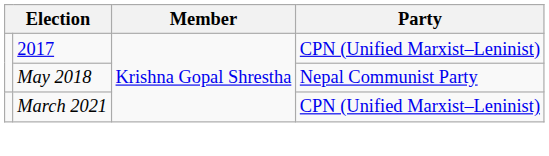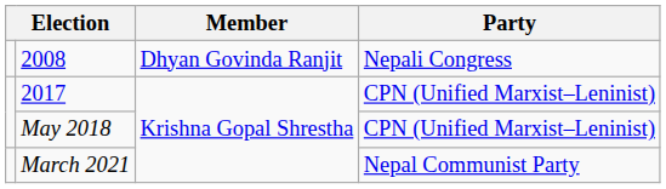 <table class="wikitable">
 <tr>
 <th colspan="2">Election</th>
 <th>Member</th>
 <th>Party</th>
+</tr>
+<tr>
+<td style="background-color:"></td>
+<td><a href='#'>2008</a></td>
+<td><a href='#'>Dhyan Govinda Ranjit</a></td>
+<td><a href='#'>Nepali Congress</a></td>
 </tr>
 <tr>
 <td rowspan="2" style="background-color:"></td>
 <td><a href='#'>2017</a></td>
 <td rowspan="3"><a href='#'>Krishna Gopal Shrestha</a></td>
 <td><a href='#'>CPN (Unified Marxist–Leninist)</a></td>
 </tr>
 <tr>
 <td><em>May 2018</em></td>
-<td><a href='#'>Nepal Communist Party</a></td>
+<td><a href='#'>CPN (Unified Marxist–Leninist)</a></td>
 </tr>
 <tr>
 <td></td>
 <td><em>March 2021</em></td>
-<td><a href='#'>CPN (Unified Marxist–Leninist)</a></td>
+<td><a href='#'>Nepal Communist Party</a></td>
 </tr>
 </table>
